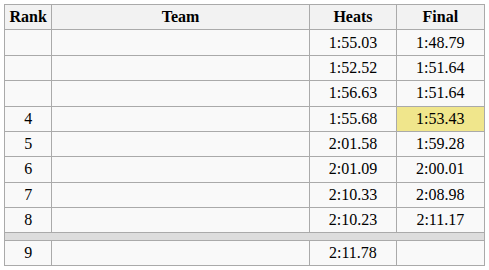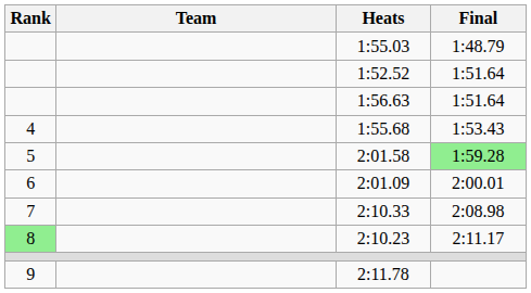 <table class=wikitable style="text-align:center">
 <tr>
 <th width=40>Rank</th>
 <th width=250>Team</th>
 <th width=80>Heats</th>
 <th width=80>Final</th>
 </tr>
 <tr>
 <td></td>
 <td align=left></td>
 <td>1:55.03</td>
 <td>1:48.79</td>
 </tr>
 <tr>
 <td></td>
 <td align=left></td>
 <td>1:52.52</td>
 <td>1:51.64</td>
 </tr>
 <tr>
 <td></td>
 <td align=left></td>
 <td>1:56.63</td>
 <td>1:51.64</td>
 </tr>
 <tr>
 <td>4</td>
 <td align=left></td>
 <td>1:55.68</td>
-<td style="background: khaki;">1:53.43</td>
+<td>1:53.43</td>
 </tr>
 <tr>
 <td>5</td>
 <td align=left></td>
 <td>2:01.58</td>
-<td>1:59.28</td>
+<td style="background: lightgreen;">1:59.28</td>
 </tr>
 <tr>
 <td>6</td>
 <td align=left></td>
 <td>2:01.09</td>
 <td>2:00.01</td>
 </tr>
 <tr>
 <td>7</td>
 <td align=left></td>
 <td>2:10.33</td>
 <td>2:08.98</td>
 </tr>
 <tr>
-<td>8</td>
+<td style="background: lightgreen;">8</td>
 <td align=left></td>
 <td>2:10.23</td>
 <td>2:11.17</td>
 </tr>
 <tr bgcolor=#DDDDDD>
 <td colspan=4></td>
 </tr>
 <tr>
 <td>9</td>
 <td align=left></td>
 <td>2:11.78</td>
 <td></td>
 </tr>
 </table>
